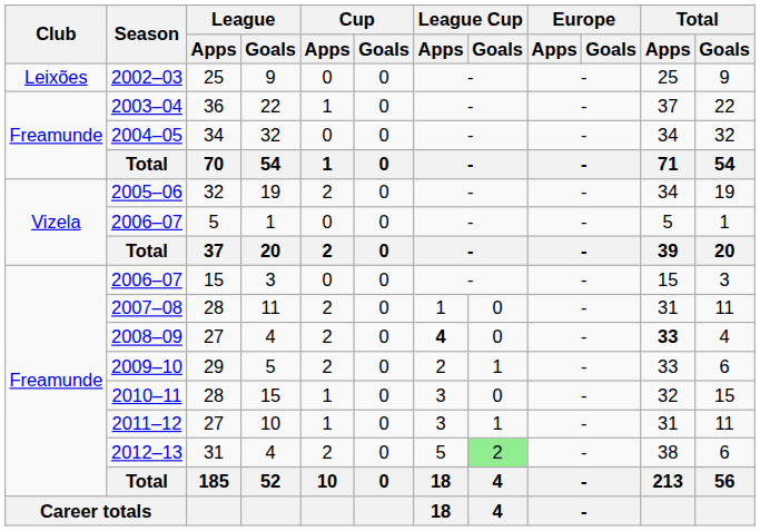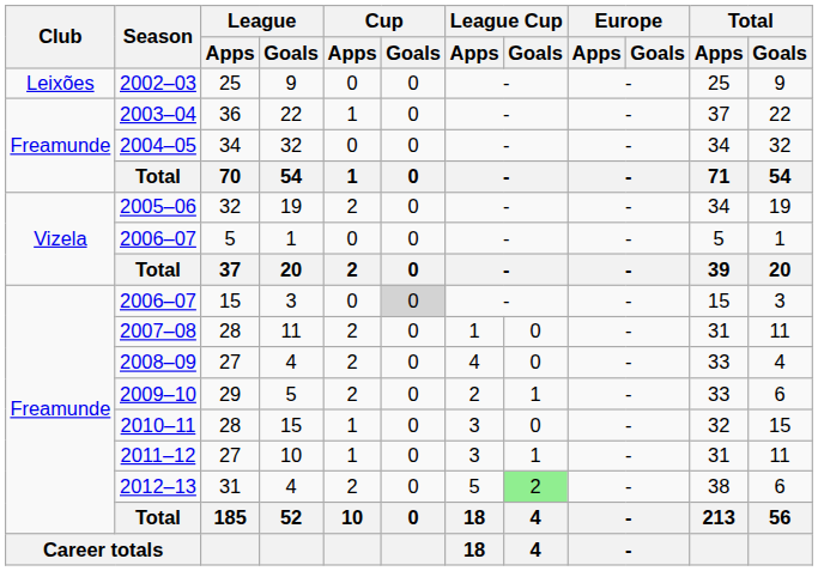 <table class="wikitable" style="font-size:90%; text-align: center">
 <tr>
 <th rowspan="2">Club</th>
 <th rowspan="2">Season</th>
 <th colspan="2">League</th>
 <th colspan="2">Cup</th>
 <th colspan="2">League Cup</th>
 <th colspan="2">Europe</th>
 <th colspan="2">Total</th>
 </tr>
 <tr>
 <th>Apps</th>
 <th>Goals</th>
 <th>Apps</th>
 <th>Goals</th>
 <th>Apps</th>
 <th>Goals</th>
 <th>Apps</th>
 <th>Goals</th>
 <th>Apps</th>
 <th>Goals</th>
 </tr>
 <tr>
 <td rowspan=1><a href='#'>Leixões</a></td>
 <td><a href='#'>2002–03</a></td>
 <td>25</td>
 <td>9</td>
 <td>0</td>
 <td>0</td>
 <td colspan="2">-</td>
 <td colspan="2">-</td>
 <td>25</td>
 <td>9</td>
 </tr>
 <tr>
 <td rowspan=3><a href='#'>Freamunde</a></td>
 <td><a href='#'>2003–04</a></td>
 <td>36</td>
 <td>22</td>
 <td>1</td>
 <td>0</td>
 <td colspan="2">-</td>
 <td colspan="2">-</td>
 <td>37</td>
 <td>22</td>
 </tr>
 <tr>
 <td><a href='#'>2004–05</a></td>
 <td>34</td>
 <td>32</td>
 <td>0</td>
 <td>0</td>
 <td colspan="2">-</td>
 <td colspan="2">-</td>
 <td>34</td>
 <td>32</td>
 </tr>
 <tr>
 <th>Total</th>
 <th>70</th>
 <th>54</th>
 <th>1</th>
 <th>0</th>
 <th colspan="2">-</th>
 <th colspan="2">-</th>
 <th>71</th>
 <th>54</th>
 </tr>
 <tr>
 <td rowspan=3><a href='#'>Vizela</a></td>
 <td><a href='#'>2005–06</a></td>
 <td>32</td>
 <td>19</td>
 <td>2</td>
 <td>0</td>
 <td colspan="2">-</td>
 <td colspan="2">-</td>
 <td>34</td>
 <td>19</td>
 </tr>
 <tr>
 <td><a href='#'>2006–07</a></td>
 <td>5</td>
 <td>1</td>
 <td>0</td>
 <td>0</td>
 <td colspan="2">-</td>
 <td colspan="2">-</td>
 <td>5</td>
 <td>1</td>
 </tr>
 <tr>
 <th>Total</th>
 <th>37</th>
 <th>20</th>
 <th>2</th>
 <th>0</th>
 <th colspan="2">-</th>
 <th colspan="2">-</th>
 <th>39</th>
 <th>20</th>
 </tr>
 <tr>
 <td rowspan=8><a href='#'>Freamunde</a></td>
 <td><a href='#'>2006–07</a></td>
 <td>15</td>
 <td>3</td>
 <td>0</td>
-<td>0</td>
+<td style="background: lightgrey;">0</td>
 <td colspan="2">-</td>
 <td colspan="2">-</td>
 <td>15</td>
 <td>3</td>
 </tr>
 <tr>
 <td><a href='#'>2007–08</a></td>
 <td>28</td>
 <td>11</td>
 <td>2</td>
 <td>0</td>
 <td>1</td>
 <td>0</td>
 <td colspan="2">-</td>
 <td>31</td>
 <td>11</td>
 </tr>
 <tr>
 <td><a href='#'>2008–09</a></td>
 <td>27</td>
 <td>4</td>
 <td>2</td>
 <td>0</td>
-<td><strong>4</strong></td>
+<td>4</td>
 <td>0</td>
 <td colspan="2">-</td>
-<td><strong>33</strong></td>
+<td>33</td>
 <td>4</td>
 </tr>
 <tr>
 <td><a href='#'>2009–10</a></td>
 <td>29</td>
 <td>5</td>
 <td>2</td>
 <td>0</td>
 <td>2</td>
 <td>1</td>
 <td colspan="2">-</td>
 <td>33</td>
 <td>6</td>
 </tr>
 <tr>
 <td><a href='#'>2010–11</a></td>
 <td>28</td>
 <td>15</td>
 <td>1</td>
 <td>0</td>
 <td>3</td>
 <td>0</td>
 <td colspan="2">-</td>
 <td>32</td>
 <td>15</td>
 </tr>
 <tr>
 <td><a href='#'>2011–12</a></td>
 <td>27</td>
 <td>10</td>
 <td>1</td>
 <td>0</td>
 <td>3</td>
 <td>1</td>
 <td colspan="2">-</td>
 <td>31</td>
 <td>11</td>
 </tr>
 <tr>
 <td><a href='#'>2012–13</a></td>
 <td>31</td>
 <td>4</td>
 <td>2</td>
 <td>0</td>
 <td>5</td>
 <td style="background: lightgreen;">2</td>
 <td colspan="2">-</td>
 <td>38</td>
 <td>6</td>
 </tr>
 <tr>
 <th>Total</th>
 <th>185</th>
 <th>52</th>
 <th>10</th>
 <th>0</th>
 <th>18</th>
 <th>4</th>
 <th colspan="2">-</th>
 <th>213</th>
 <th>56</th>
 </tr>
 <tr>
 <th colspan=2>Career totals</th>
 <th></th>
 <th></th>
 <th></th>
 <th></th>
 <th>18</th>
 <th>4</th>
 <th colspan="2">-</th>
 <th></th>
 <th></th>
 </tr>
 </table>
